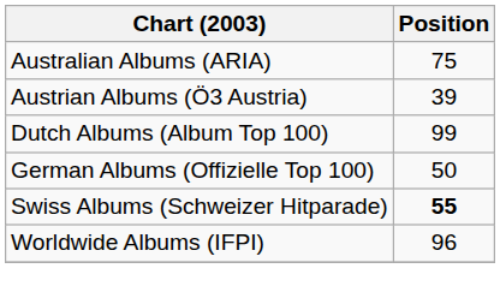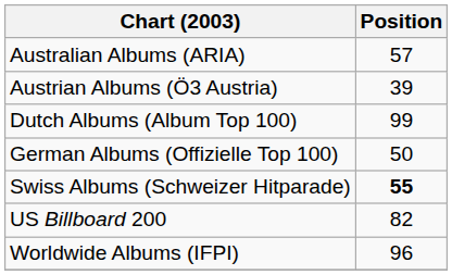 <table class="wikitable sortable">
 <tr>
 <th align="center">Chart (2003)</th>
 <th align="center">Position</th>
 </tr>
 <tr>
 <td>Australian Albums (ARIA)</td>
-<td style="text-align:center;">75</td>
+<td style="text-align:center;">57</td>
 </tr>
 <tr>
 <td>Austrian Albums (Ö3 Austria)</td>
 <td style="text-align:center;">39</td>
 </tr>
 <tr>
 <td>Dutch Albums (Album Top 100)</td>
 <td style="text-align:center;">99</td>
 </tr>
 <tr>
 <td>German Albums (Offizielle Top 100)</td>
 <td style="text-align:center;">50</td>
 </tr>
 <tr>
 <td>Swiss Albums (Schweizer Hitparade)</td>
 <td style="text-align:center;"><strong>55</strong></td>
 </tr>
 <tr>
+<td>US <em>Billboard</em> 200</td>
+<td style="text-align:center;">82</td>
+</tr>
+<tr>
 <td>Worldwide Albums (IFPI)</td>
 <td style="text-align:center;">96</td>
 </tr>
 <tr>
 </tr>
 </table>
